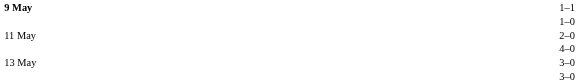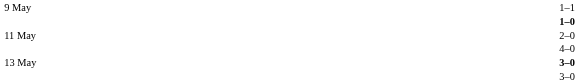 <table cellspacing=1 width=70%>
 <tr>
 <th width=25%></th>
 <th width=30%></th>
 <th width=15%></th>
 <th width=30%></th>
 </tr>
 <tr>
-<td><strong>9 May</strong></td>
+<td>9 May</td>
 <td align=right></td>
 <td align=center>1–1</td>
 <td></td>
 </tr>
 <tr>
 <td></td>
 <td align=right></td>
-<td align=center>1–0</td>
+<td align=center><strong>1–0</strong></td>
 <td></td>
 </tr>
 <tr>
 <td>11 May</td>
 <td align=right></td>
 <td align=center>2–0</td>
 <td></td>
 </tr>
 <tr>
 <td></td>
 <td align=right></td>
 <td align=center>4–0</td>
 <td></td>
 </tr>
 <tr>
 <td>13 May</td>
 <td align=right></td>
-<td align=center>3–0</td>
+<td align=center><strong>3–0</strong></td>
 <td></td>
 </tr>
 <tr>
 <td></td>
 <td align=right></td>
 <td align=center>3–0</td>
 <td></td>
 </tr>
 </table>
